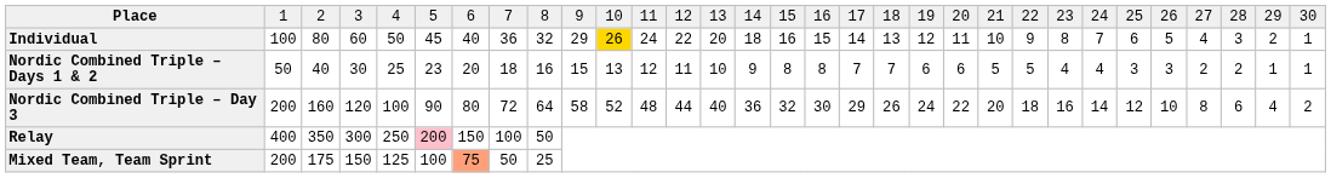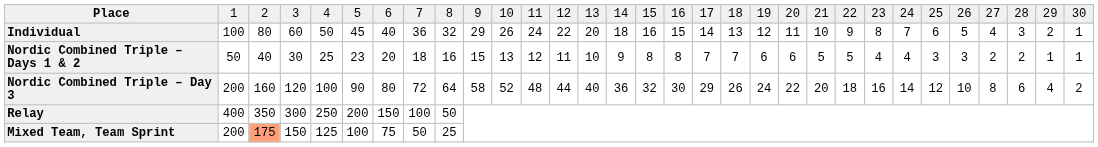 <table border="1" cellpadding="2" cellspacing="0" style="border:1px solid #C0C0C0; border-collapse:collapse; font-size:86%; margin-top:1em; text-align:center" width="1000">
 <tr bgcolor="#F0F0F0">
 <td width=250><strong>Place</strong></td>
 <td width=25>1</td>
 <td width=25>2</td>
 <td width=25>3</td>
 <td width=25>4</td>
 <td width=25>5</td>
 <td width=25>6</td>
 <td width=25>7</td>
 <td width=25>8</td>
 <td width=25>9</td>
 <td width=25>10</td>
 <td width=25>11</td>
 <td width=25>12</td>
 <td width=25>13</td>
 <td width=25>14</td>
 <td width=25>15</td>
 <td width=25>16</td>
 <td width=25>17</td>
 <td width=25>18</td>
 <td width=25>19</td>
 <td width=25>20</td>
 <td width=25>21</td>
 <td width=25>22</td>
 <td width=25>23</td>
 <td width=25>24</td>
 <td width=25>25</td>
 <td width=25>26</td>
 <td width=25>27</td>
 <td width=25>28</td>
 <td width=25>29</td>
 <td width=25>30</td>
 </tr>
 <tr>
 <td bgcolor="#F0F0F0" align=left><strong>Individual</strong></td>
 <td>100</td>
 <td>80</td>
 <td>60</td>
 <td>50</td>
 <td>45</td>
 <td>40</td>
 <td>36</td>
 <td>32</td>
 <td>29</td>
-<td style="background: gold;">26</td>
+<td>26</td>
 <td>24</td>
 <td>22</td>
 <td>20</td>
 <td>18</td>
 <td>16</td>
 <td>15</td>
 <td>14</td>
 <td>13</td>
 <td>12</td>
 <td>11</td>
 <td>10</td>
 <td>9</td>
 <td>8</td>
 <td>7</td>
 <td>6</td>
 <td>5</td>
 <td>4</td>
 <td>3</td>
 <td>2</td>
 <td>1</td>
 </tr>
 <tr>
 <td bgcolor="#F0F0F0" align=left><strong>Nordic Combined Triple – Days 1 & 2</strong></td>
 <td>50</td>
 <td>40</td>
 <td>30</td>
 <td>25</td>
 <td>23</td>
 <td>20</td>
 <td>18</td>
 <td>16</td>
 <td>15</td>
 <td>13</td>
 <td>12</td>
 <td>11</td>
 <td>10</td>
 <td>9</td>
 <td>8</td>
 <td>8</td>
 <td>7</td>
 <td>7</td>
 <td>6</td>
 <td>6</td>
 <td>5</td>
 <td>5</td>
 <td>4</td>
 <td>4</td>
 <td>3</td>
 <td>3</td>
 <td>2</td>
 <td>2</td>
 <td>1</td>
 <td>1</td>
 </tr>
 <tr>
 <td bgcolor="#F0F0F0" align=left><strong>Nordic Combined Triple – Day 3</strong></td>
 <td>200</td>
 <td>160</td>
 <td>120</td>
 <td>100</td>
 <td>90</td>
 <td>80</td>
 <td>72</td>
 <td>64</td>
 <td>58</td>
 <td>52</td>
 <td>48</td>
 <td>44</td>
 <td>40</td>
 <td>36</td>
 <td>32</td>
 <td>30</td>
 <td>29</td>
 <td>26</td>
 <td>24</td>
 <td>22</td>
 <td>20</td>
 <td>18</td>
 <td>16</td>
 <td>14</td>
 <td>12</td>
 <td>10</td>
 <td>8</td>
 <td>6</td>
 <td>4</td>
 <td>2</td>
 </tr>
 <tr>
 <td bgcolor="#F0F0F0" align=left><strong>Relay</strong></td>
 <td>400</td>
 <td>350</td>
 <td>300</td>
 <td>250</td>
-<td style="background: pink;">200</td>
+<td>200</td>
 <td>150</td>
 <td>100</td>
 <td>50</td>
 </tr>
 <tr>
 <td bgcolor="#F0F0F0" align=left><strong>Mixed Team, Team Sprint</strong></td>
 <td>200</td>
-<td>175</td>
+<td style="background: lightsalmon;">175</td>
 <td>150</td>
 <td>125</td>
 <td>100</td>
-<td style="background: lightsalmon;">75</td>
+<td>75</td>
 <td>50</td>
 <td>25</td>
 </tr>
 </table>
